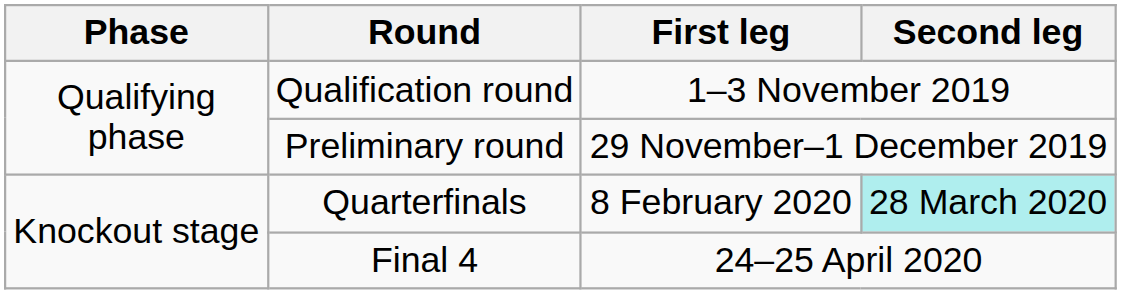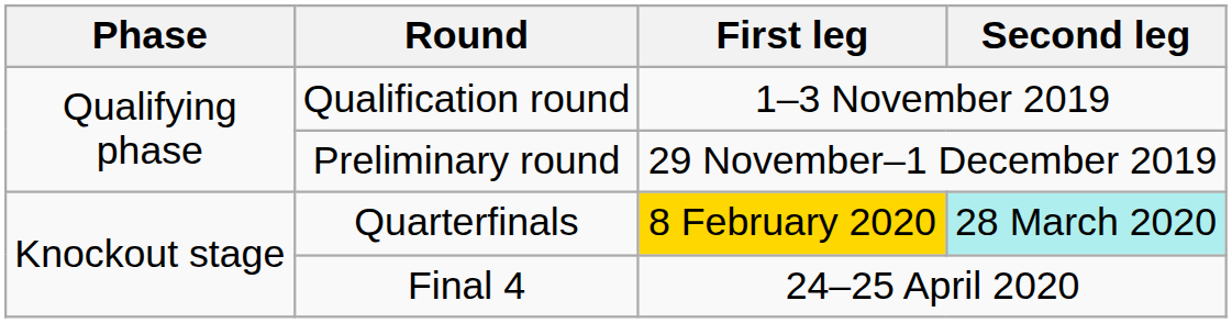 <table class="wikitable" style="text-align:center">
 <tr>
 <th>Phase</th>
 <th>Round</th>
 <th>First leg</th>
 <th>Second leg</th>
 </tr>
 <tr>
 <td rowspan=2>Qualifying<br>phase</td>
 <td>Qualification round</td>
 <td colspan=2>1–3 November 2019</td>
 </tr>
 <tr>
 <td>Preliminary round</td>
 <td colspan=2>29 November–1 December 2019</td>
 </tr>
 <tr>
 <td rowspan=3>Knockout stage</td>
 <td>Quarterfinals</td>
-<td>8 February 2020</td>
+<td style="background: gold;">8 February 2020</td>
 <td style="background: paleturquoise;">28 March 2020</td>
 </tr>
 <tr>
 <td>Final 4</td>
 <td colspan=2>24–25 April 2020</td>
 </tr>
 </table>
